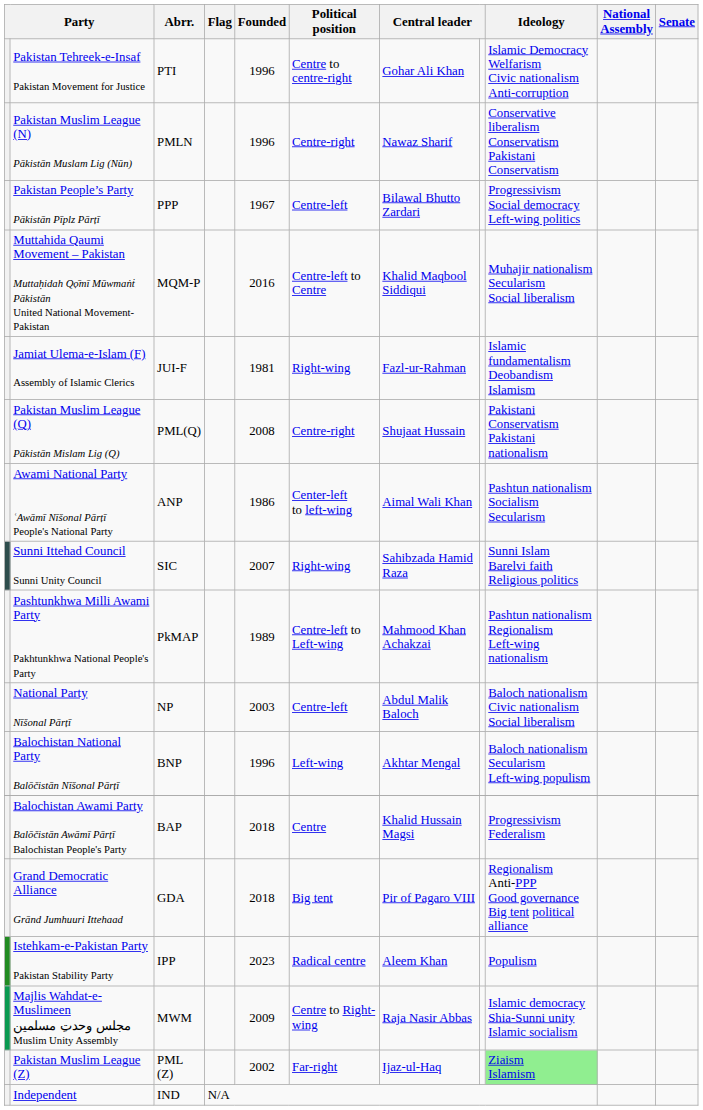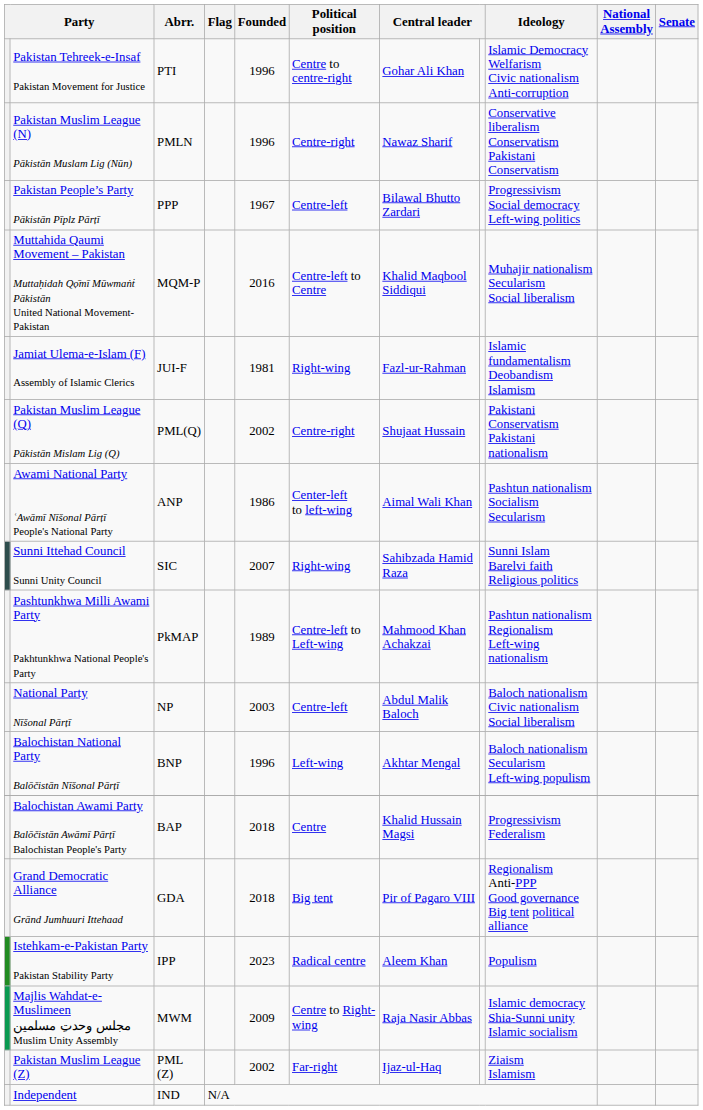 <table class="wikitable sortable">
 <tr>
 <th colspan="2" class="unsortable" scope="col" style="width:20px; text-align:center;">Party</th>
 <th>Abrr.</th>
 <th>Flag</th>
 <th>Founded</th>
 <th class="unsortable" scope="col">Political<br>position</th>
 <th colspan="2">Central leader</th>
 <th>Ideology</th>
 <th data-sort-type="number"><a href='#'>National<br>Assembly</a></th>
 <th><a href='#'>Senate</a></th>
 </tr>
 <tr>
 <th style="background-color: "></th>
 <td><a href='#'>Pakistan Tehreek-e-Insaf</a><br><br><small>Pakistan Movement for Justice</small></td>
 <td>PTI</td>
 <td></td>
 <td align="center">1996</td>
 <td><a href='#'>Centre</a> to <a href='#'>centre-right</a></td>
 <td><a href='#'>Gohar Ali Khan</a></td>
 <td></td>
 <td><div><a href='#'>Islamic Democracy</a> <br> <a href='#'>Welfarism</a> <br> <a href='#'>Civic nationalism</a> <br> <a href='#'>Anti-corruption</a> </div></td>
 <td></td>
 <td></td>
 </tr>
 <tr>
 <th style="background-color: "></th>
 <td><a href='#'>Pakistan Muslim League (N)</a><br><br><small><em>Pākistān Muslam Lig (Nūn)</em></small></td>
 <td>PMLN</td>
 <td></td>
 <td align="center">1996</td>
 <td><a href='#'>Centre-right</a></td>
 <td><a href='#'>Nawaz Sharif</a></td>
 <td></td>
 <td><div><a href='#'>Conservative liberalism</a><br> <a href='#'>Conservatism</a> <br> <a href='#'>Pakistani Conservatism</a> </div></td>
 <td></td>
 <td></td>
 </tr>
 <tr>
 <th style="background-color: "></th>
 <td><a href='#'>Pakistan People’s Party</a><br><br><small><em>Pākistān Pīplz Pārṭī</em></small></td>
 <td>PPP</td>
 <td></td>
 <td align="center">1967</td>
 <td><a href='#'>Centre-left</a></td>
 <td><a href='#'>Bilawal Bhutto Zardari</a></td>
 <td></td>
 <td><div><a href='#'>Progressivism</a> <br><a href='#'>Social democracy</a> <br> <a href='#'>Left-wing politics</a></div></td>
 <td></td>
 <td></td>
 </tr>
 <tr>
 <th style="background-color: "></th>
 <td><a href='#'>Muttahida Qaumi Movement – Pakistan</a><br><br><small><em>Muttaḥidah Qọ̄mī Mūwmaṅṫ Pākistān</em></small><br><small>United National Movement-Pakistan</small></td>
 <td>MQM-P</td>
 <td></td>
 <td align="center">2016</td>
 <td><a href='#'>Centre-left</a> to <a href='#'>Centre</a></td>
 <td><a href='#'>Khalid Maqbool Siddiqui</a></td>
 <td></td>
 <td><div><a href='#'>Muhajir nationalism</a> <br><a href='#'>Secularism</a> <br><a href='#'>Social liberalism</a></div></td>
 <td></td>
 <td></td>
 </tr>
 <tr>
 <th style="background-color: "></th>
 <td><a href='#'>Jamiat Ulema-e-Islam (F)</a><br><br><small>Assembly of Islamic Clerics</small></td>
 <td>JUI-F</td>
 <td></td>
 <td align="center">1981</td>
 <td><a href='#'>Right-wing</a></td>
 <td><a href='#'>Fazl-ur-Rahman</a></td>
 <td></td>
 <td><div><a href='#'>Islamic fundamentalism</a> <br> <a href='#'>Deobandism</a><br><a href='#'>Islamism</a> </div></td>
 <td></td>
 <td></td>
 </tr>
 <tr>
 <th style="background-color: "></th>
 <td><a href='#'>Pakistan Muslim League (Q)</a><br><br><small><em>Pākistān Mislam Lig (Q)</em></small></td>
 <td>PML(Q)</td>
 <td></td>
-<td align="center">2008</td>
+<td align="center">2002</td>
 <td><a href='#'>Centre-right</a></td>
 <td><a href='#'>Shujaat Hussain</a></td>
 <td></td>
 <td><div> <a href='#'>Pakistani Conservatism</a> <br><a href='#'>Pakistani nationalism</a></div></td>
 <td></td>
 <td></td>
 </tr>
 <tr>
 <th style="background-color: "></th>
 <td><a href='#'>Awami National Party</a><br><br><br><small><em>ʿAwāmī Nīšonal Pārṭī</em><br>People's National Party</small></td>
 <td>ANP</td>
 <td></td>
 <td align="center">1986</td>
 <td><a href='#'>Center-left</a><br>to <a href='#'>left-wing</a></td>
 <td><a href='#'>Aimal Wali Khan</a></td>
 <td></td>
 <td><div><a href='#'>Pashtun nationalism</a> <br><a href='#'>Socialism</a> <br><a href='#'>Secularism</a></div></td>
 <td></td>
 <td></td>
 </tr>
 <tr>
 <th style="background-color: #2e4e4d"></th>
 <td><a href='#'>Sunni Ittehad Council</a><br><br><small>Sunni Unity Council</small></td>
 <td>SIC</td>
 <td></td>
 <td align=center>2007</td>
 <td><a href='#'>Right-wing</a></td>
 <td><a href='#'>Sahibzada Hamid Raza</a></td>
 <td></td>
 <td><div> <a href='#'>Sunni Islam</a>  <br><a href='#'>Barelvi faith</a>  <br><a href='#'>Religious politics</a></div></td>
 <td></td>
 <td></td>
 </tr>
 <tr>
 <th style="background-color: "></th>
 <td><a href='#'>Pashtunkhwa Milli Awami Party</a><br><br><br><small>Pakhtunkhwa National People's Party</small></td>
 <td>PkMAP</td>
 <td></td>
 <td align="center">1989</td>
 <td><a href='#'>Centre-left</a> to <a href='#'>Left-wing</a></td>
 <td><a href='#'>Mahmood Khan Achakzai</a></td>
 <td></td>
 <td><div><a href='#'>Pashtun nationalism</a> <br><a href='#'>Regionalism</a> <br><a href='#'>Left-wing nationalism</a></div></td>
 <td></td>
 <td></td>
 </tr>
 <tr>
 <th style="background-color: "></th>
 <td><a href='#'>National Party</a><br><br><small><em>Nīšonal Pārṭī</em></small></td>
 <td>NP</td>
 <td></td>
 <td align="center">2003</td>
 <td><a href='#'>Centre-left</a></td>
 <td><a href='#'>Abdul Malik Baloch</a></td>
 <td></td>
 <td><div><a href='#'>Baloch nationalism</a> <br><a href='#'>Civic nationalism</a> <br><a href='#'>Social liberalism</a></div></td>
 <td></td>
 <td></td>
 </tr>
 <tr>
 <th style="background-color: "></th>
 <td><a href='#'>Balochistan National Party</a><br><br><small><em>Balōčistān Nīšonal Pārṭī</em></small></td>
 <td>BNP</td>
 <td></td>
 <td align="center">1996</td>
 <td><a href='#'>Left-wing</a></td>
 <td><a href='#'>Akhtar Mengal</a></td>
 <td></td>
 <td><div> <a href='#'>Baloch nationalism</a> <br><a href='#'>Secularism</a> <br><a href='#'>Left-wing populism</a></div></td>
 <td></td>
 <td></td>
 </tr>
 <tr>
 </tr>
 <tr>
 <th style="background-color: "></th>
 <td><a href='#'>Balochistan Awami Party</a><br><br><small><em>Balōčistān Awāmī Pārṭī</em></small><br><small>Balochistan People's Party</small></td>
 <td>BAP</td>
 <td></td>
 <td align="center">2018</td>
 <td><a href='#'>Centre</a></td>
 <td><a href='#'>Khalid Hussain Magsi</a></td>
 <td></td>
 <td><div><a href='#'>Progressivism</a> <br><a href='#'>Federalism</a></div></td>
 <td></td>
 <td></td>
 </tr>
 <tr>
 <th style="background-color: "></th>
 <td><a href='#'>Grand Democratic Alliance</a><br><br><small><em>Grānd Jumhuuri Ittehaad</em></small></td>
 <td>GDA</td>
 <td></td>
 <td align="center">2018</td>
 <td><a href='#'>Big tent</a></td>
 <td><a href='#'>Pir of Pagaro VIII</a></td>
 <td></td>
 <td><div><a href='#'>Regionalism</a> <br>Anti-<a href='#'>PPP</a> <br><a href='#'>Good governance</a> <br><a href='#'>Big tent</a> <a href='#'>political alliance</a></div></td>
 <td></td>
 <td></td>
 </tr>
 <tr>
 <th style="background-color: #228B22 "></th>
 <td><a href='#'>Istehkam-e-Pakistan Party</a><br> <br><small>Pakistan Stability Party</small></td>
 <td>IPP</td>
 <td></td>
 <td align="center">2023</td>
 <td><a href='#'>Radical centre</a></td>
 <td><a href='#'>Aleem Khan</a></td>
 <td></td>
 <td><div><a href='#'>Populism</a></div></td>
 <td></td>
 <td></td>
 </tr>
 <tr>
 <th style="background-color: #0a9a51"></th>
 <td><a href='#'>Majlis Wahdat-e-Muslimeen </a><br>مجلس وحدتِ مسلمین <br><small>Muslim Unity Assembly</small></td>
 <td>MWM</td>
 <td></td>
 <td align="center">2009</td>
 <td><a href='#'>Centre</a> to <a href='#'>Right-wing</a></td>
 <td><a href='#'>Raja Nasir Abbas</a></td>
 <td></td>
 <td><div><a href='#'>Islamic democracy</a> <br><a href='#'>Shia-Sunni unity</a> <br><a href='#'>Islamic socialism</a></div></td>
 <td></td>
 <td></td>
 </tr>
 <tr>
 <th style="background-color: "></th>
 <td><a href='#'>Pakistan Muslim League (Z)</a><br></td>
 <td>PML (Z)</td>
 <td></td>
 <td align=center>2002</td>
 <td><a href='#'>Far-right</a></td>
 <td><a href='#'>Ijaz-ul-Haq</a></td>
 <td></td>
-<td style="background: lightgreen;"><div><a href='#'>Ziaism</a>  <br><a href='#'>Islamism</a></div></td>
+<td><div><a href='#'>Ziaism</a>  <br><a href='#'>Islamism</a></div></td>
 <td></td>
 <td></td>
 </tr>
 <tr>
 <th style="background-color: "></th>
 <td><a href='#'>Independent</a><br></td>
 <td>IND</td>
 <td colspan="6"><div> N/A </div></td>
 <td></td>
 <td></td>
 </tr>
 </table>
